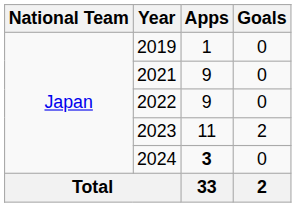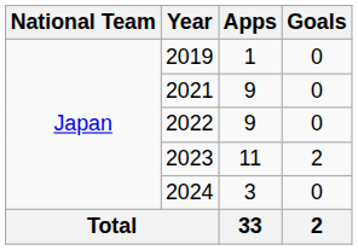 <table class="wikitable" style="text-align:center">
 <tr>
 <th>National Team</th>
 <th>Year</th>
 <th>Apps</th>
 <th>Goals</th>
 </tr>
 <tr>
 <td rowspan="5"><a href='#'>Japan</a></td>
 <td>2019</td>
 <td>1</td>
 <td>0</td>
 </tr>
 <tr>
 <td>2021</td>
 <td>9</td>
 <td>0</td>
 </tr>
 <tr>
 <td>2022</td>
 <td>9</td>
 <td>0</td>
 </tr>
 <tr>
 <td>2023</td>
 <td>11</td>
 <td>2</td>
 </tr>
 <tr>
 <td>2024</td>
-<td><strong>3</strong></td>
+<td>3</td>
 <td>0</td>
 </tr>
 <tr>
 <th colspan="2">Total</th>
 <th>33</th>
 <th>2</th>
 </tr>
 </table>
